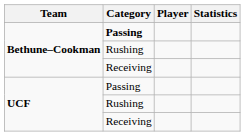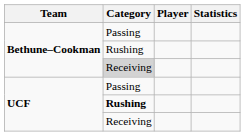 <table class="wikitable" style="float: left;">
 <tr>
 <th>Team</th>
 <th>Category</th>
 <th>Player</th>
 <th>Statistics</th>
 </tr>
 <tr>
 <td rowspan=3><strong>Bethune–Cookman</strong></td>
-<td><strong>Passing</strong></td>
+<td>Passing</td>
 <td> </td>
 <td> </td>
 </tr>
 <tr>
 <td>Rushing</td>
 <td> </td>
 <td> </td>
 </tr>
 <tr>
-<td>Receiving</td>
+<td style="background: lightgrey;">Receiving</td>
 <td> </td>
 <td> </td>
 </tr>
 <tr>
 <td rowspan=3><strong>UCF</strong></td>
 <td>Passing</td>
 <td> </td>
 <td> </td>
 </tr>
 <tr>
-<td>Rushing</td>
+<td><strong>Rushing</strong></td>
 <td> </td>
 <td> </td>
 </tr>
 <tr>
 <td>Receiving</td>
 <td> </td>
 <td> </td>
 </tr>
 </table>
